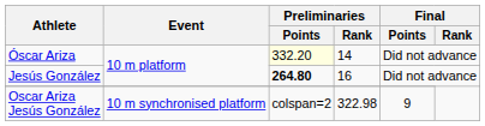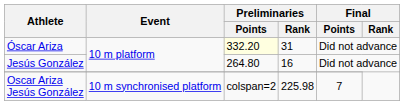 <table class=wikitable style="font-size:90%">
 <tr>
 <th rowspan="2">Athlete</th>
 <th rowspan="2">Event</th>
 <th colspan="2">Preliminaries</th>
 <th colspan="2">Final</th>
 </tr>
 <tr style="font-size:95%">
 <th>Points</th>
 <th>Rank</th>
 <th>Points</th>
 <th>Rank</th>
 </tr>
 <tr>
 <td align=left><a href='#'>Óscar Ariza</a></td>
 <td align=left rowspan=2><a href='#'>10 m platform</a></td>
 <td style="background: lightyellow;">332.20</td>
-<td>14</td>
+<td>31</td>
 <td colspan=2>Did not advance</td>
 </tr>
 <tr>
 <td align=left><a href='#'>Jesús González</a></td>
-<td><strong>264.80</strong></td>
+<td>264.80</td>
 <td>16</td>
 <td colspan=2>Did not advance</td>
 </tr>
 <tr>
 </tr>
 <tr align=center>
 <td align=left><a href='#'>Oscar Ariza</a><br><a href='#'>Jesús González</a></td>
 <td align=left rowspan=2><a href='#'>10 m synchronised platform</a></td>
 <td>colspan=2 </td>
-<td>322.98</td>
-<td>9</td>
+<td>225.98</td>
+<td>7</td>
 </tr>
 </table>
